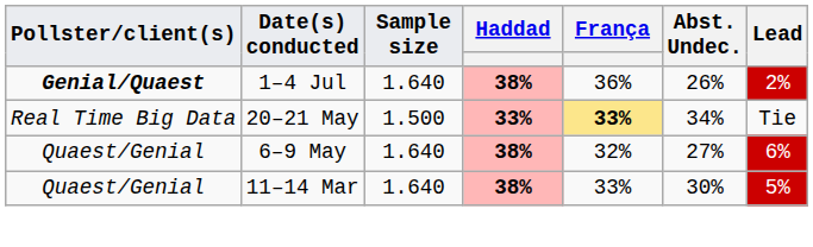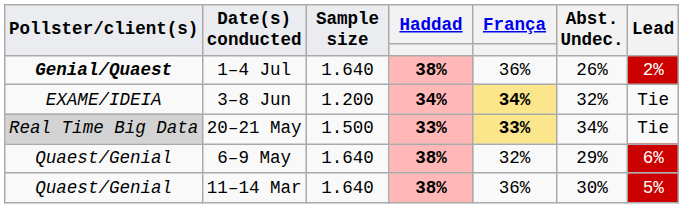 <table class="wikitable sortable" style="text-align:center;font-size:90%;line-height:14px;">
 <tr>
 <td rowspan="2" class="unsortable" style="width:50px;background:#eaecf0;"><strong>Pollster/client(s)</strong></td>
 <td rowspan="2" class="unsortable" style="width:50px;background:#eaecf0;"><strong>Date(s)<br>conducted</strong></td>
 <td rowspan="2" class="unsortable" style="width:50px;background:#eaecf0;"><strong>Sample<br>size</strong></td>
 <th class="unsortable" style="width:50px;"><a href='#'>Haddad</a><br></th>
 <th class="unsortable" style="width:50px;"><a href='#'>França</a><br></th>
 <th rowspan="2" class="unsortable">Abst.<br>Undec.</th>
 <th rowspan="2" data-sort-type="number">Lead</th>
 </tr>
 <tr>
 <th data-sort-type="number" class="sortable" style="background:"></th>
 <th data-sort-type="number" class="sortable" style="background:"></th>
 </tr>
 <tr>
 <td><strong><em>Genial/Quaest</em></strong></td>
 <td>1–4 Jul</td>
 <td>1.640</td>
 <td style="background:#ffb7b7;"><strong>38%</strong></td>
 <td>36%</td>
 <td>26%</td>
 <td style="background:#CC0000;color:#FFFFFF;">2%</td>
 </tr>
 <tr>
-<td><em>Real Time Big Data</em></td>
+<td><em>EXAME/IDEIA</em></td>
+<td>3–8 Jun</td>
+<td>1.200</td>
+<td style="background:#ffb7b7;"><strong>34%</strong></td>
+<td style="background:#FCE68B;"><strong>34%</strong></td>
+<td>32%</td>
+<td>Tie</td>
+</tr>
+<tr>
+<td style="background: lightgrey;"><em>Real Time Big Data</em></td>
 <td>20–21 May</td>
 <td>1.500</td>
 <td style="background:#ffb7b7;"><strong>33%</strong></td>
 <td style="background:#fce68b;"><strong>33%</strong></td>
 <td>34%</td>
 <td>Tie</td>
 </tr>
 <tr>
 <td><em>Quaest/Genial</em></td>
 <td>6–9 May</td>
 <td>1.640</td>
 <td style="background:#ffb7b7;"><strong>38%</strong></td>
 <td>32%</td>
-<td>27%</td>
+<td>29%</td>
 <td style="background:#CC0000;color:#FFFFFF;">6%</td>
 </tr>
 <tr>
 <td><em>Quaest/Genial</em></td>
 <td>11–14 Mar</td>
 <td>1.640</td>
 <td style="background:#ffb7b7;"><strong>38%</strong></td>
-<td>33%</td>
+<td>36%</td>
 <td>30%</td>
 <td style="background:#CC0000;color:#FFFFFF;">5%</td>
 </tr>
 </table>
